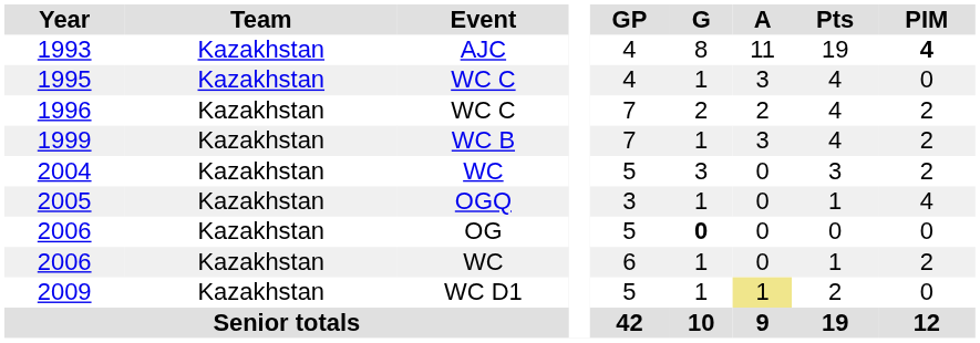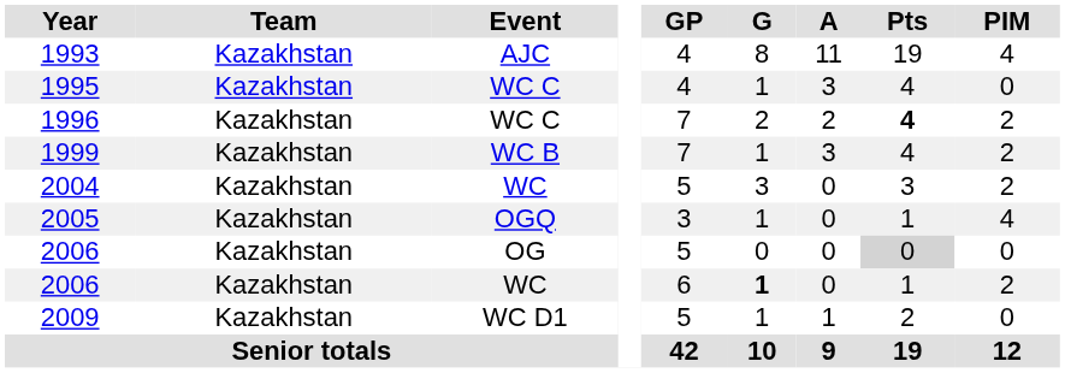 <table border="0" cellpadding="1" cellspacing="0" style="text-align:center; width:40em">
 <tr ALIGN="center" bgcolor="#e0e0e0">
 <th>Year</th>
 <th>Team</th>
 <th>Event</th>
 <th ALIGN="center" rowspan="99" bgcolor="#ffffff"> </th>
 <th>GP</th>
 <th>G</th>
 <th>A</th>
 <th>Pts</th>
 <th>PIM</th>
 </tr>
 <tr>
 <td><a href='#'>1993</a></td>
 <td><a href='#'>Kazakhstan</a></td>
 <td><a href='#'>AJC</a></td>
 <td>4</td>
 <td>8</td>
 <td>11</td>
 <td>19</td>
-<td><strong>4</strong></td>
+<td>4</td>
 </tr>
 <tr bgcolor="#f0f0f0">
 <td><a href='#'>1995</a></td>
 <td><a href='#'>Kazakhstan</a></td>
 <td><a href='#'>WC C</a></td>
 <td>4</td>
 <td>1</td>
 <td>3</td>
 <td>4</td>
 <td>0</td>
 </tr>
 <tr>
 <td><a href='#'>1996</a></td>
 <td>Kazakhstan</td>
 <td>WC C</td>
 <td>7</td>
 <td>2</td>
 <td>2</td>
-<td>4</td>
+<td><strong>4</strong></td>
 <td>2</td>
 </tr>
 <tr bgcolor="#f0f0f0">
 <td><a href='#'>1999</a></td>
 <td>Kazakhstan</td>
 <td><a href='#'>WC B</a></td>
 <td>7</td>
 <td>1</td>
 <td>3</td>
 <td>4</td>
 <td>2</td>
 </tr>
 <tr>
 <td><a href='#'>2004</a></td>
 <td>Kazakhstan</td>
 <td><a href='#'>WC</a></td>
 <td>5</td>
 <td>3</td>
 <td>0</td>
 <td>3</td>
 <td>2</td>
 </tr>
 <tr bgcolor="#f0f0f0">
 <td><a href='#'>2005</a></td>
 <td>Kazakhstan</td>
 <td><a href='#'>OGQ</a></td>
 <td>3</td>
 <td>1</td>
 <td>0</td>
 <td>1</td>
 <td>4</td>
 </tr>
 <tr>
 <td><a href='#'>2006</a></td>
 <td>Kazakhstan</td>
 <td>OG</td>
 <td>5</td>
-<td><strong>0</strong></td>
 <td>0</td>
 <td>0</td>
+<td style="background: lightgrey;">0</td>
 <td>0</td>
 </tr>
 <tr bgcolor="#f0f0f0">
 <td><a href='#'>2006</a></td>
 <td>Kazakhstan</td>
 <td>WC</td>
 <td>6</td>
-<td>1</td>
+<td><strong>1</strong></td>
 <td>0</td>
 <td>1</td>
 <td>2</td>
 </tr>
 <tr>
 <td><a href='#'>2009</a></td>
 <td>Kazakhstan</td>
 <td>WC D1</td>
 <td>5</td>
 <td>1</td>
-<td style="background: khaki;">1</td>
+<td>1</td>
 <td>2</td>
 <td>0</td>
 </tr>
 <tr bgcolor="#e0e0e0">
 <th colspan="3">Senior totals</th>
 <th>42</th>
 <th>10</th>
 <th>9</th>
 <th>19</th>
 <th>12</th>
 </tr>
 </table>
